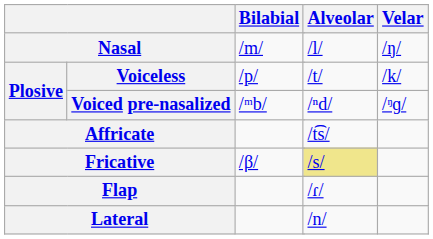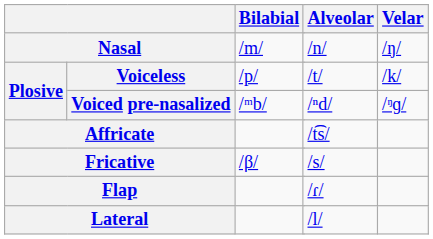 <table class="wikitable">
 <tr>
 <th colspan="2"></th>
 <th colspan="2"><a href='#'>Bilabial</a></th>
 <th><a href='#'>Alveolar</a></th>
 <th colspan="2"><a href='#'>Velar</a></th>
 </tr>
 <tr>
 <th colspan="2"><a href='#'>Nasal</a></th>
 <td colspan="2"><a href='#'>/m/</a></td>
-<td><a href='#'>/l/</a></td>
+<td><a href='#'>/n/</a></td>
 <td colspan="2"><a href='#'>/ŋ/</a></td>
 </tr>
 <tr>
 <th rowspan="2"><a href='#'>Plosive</a></th>
 <th><a href='#'>Voiceless</a></th>
 <td colspan="2"><a href='#'>/p/</a></td>
 <td><a href='#'>/t/</a></td>
 <td colspan="2"><a href='#'>/k/</a></td>
 </tr>
 <tr>
 <th><a href='#'>Voiced</a> <a href='#'>pre-nasalized</a></th>
 <td colspan="2"><a href='#'>/ᵐb/</a></td>
 <td><a href='#'>/ⁿd/</a></td>
 <td colspan="2"><a href='#'>/ᵑɡ/</a></td>
 </tr>
 <tr>
 <th colspan="2"><a href='#'>Affricate</a></th>
 <td colspan="2"></td>
 <td><a href='#'>/t͡s/</a></td>
 <td colspan="2"></td>
 </tr>
 <tr>
 <th colspan="2"><a href='#'>Fricative</a></th>
 <td colspan="2"><a href='#'>/β/</a></td>
-<td style="background: khaki;"><a href='#'>/s/</a></td>
+<td><a href='#'>/s/</a></td>
 <td colspan="2"></td>
 </tr>
 <tr>
 <th colspan="2"><a href='#'>Flap</a></th>
 <td colspan="2"></td>
 <td><a href='#'>/ɾ/</a></td>
 <td colspan="2"></td>
 </tr>
 <tr>
 <th colspan="2"><a href='#'>Lateral</a></th>
 <td colspan="2"></td>
-<td><a href='#'>/n/</a></td>
+<td><a href='#'>/l/</a></td>
 <td colspan="2"></td>
 </tr>
 </table>
